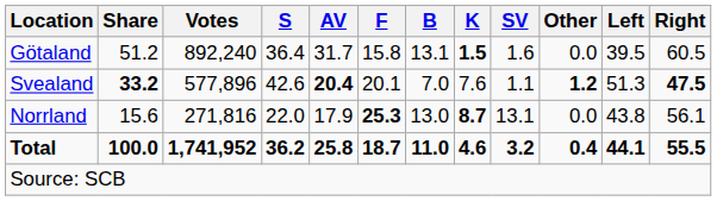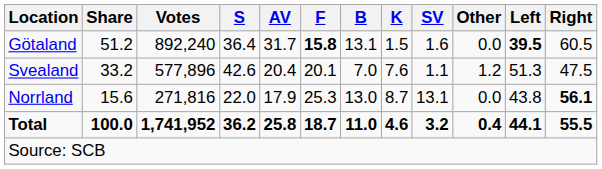 <table class="wikitable sortable" style=text-align:right>
 <tr>
 <th>Location</th>
 <th>Share</th>
 <th>Votes</th>
 <th><a href='#'>S</a></th>
 <th><a href='#'>AV</a></th>
 <th><a href='#'>F</a></th>
 <th><a href='#'>B</a></th>
 <th><a href='#'>K</a></th>
 <th><a href='#'>SV</a></th>
 <th>Other</th>
 <th>Left</th>
 <th>Right</th>
 </tr>
 <tr>
 <td align=left><a href='#'>Götaland</a></td>
 <td>51.2</td>
 <td>892,240</td>
 <td>36.4</td>
 <td>31.7</td>
-<td>15.8</td>
+<td><strong>15.8</strong></td>
 <td>13.1</td>
-<td><strong>1.5</strong></td>
+<td>1.5</td>
 <td>1.6</td>
 <td>0.0</td>
-<td>39.5</td>
+<td><strong>39.5</strong></td>
 <td>60.5</td>
 </tr>
 <tr>
 <td align=left><a href='#'>Svealand</a></td>
-<td><strong>33.2</strong></td>
+<td>33.2</td>
 <td>577,896</td>
 <td>42.6</td>
-<td><strong>20.4</strong></td>
+<td>20.4</td>
 <td>20.1</td>
 <td>7.0</td>
 <td>7.6</td>
 <td>1.1</td>
-<td><strong>1.2</strong></td>
+<td>1.2</td>
 <td>51.3</td>
-<td><strong>47.5</strong></td>
+<td>47.5</td>
 </tr>
 <tr>
 <td align=left><a href='#'>Norrland</a></td>
 <td>15.6</td>
 <td>271,816</td>
 <td>22.0</td>
 <td>17.9</td>
-<td><strong>25.3</strong></td>
+<td>25.3</td>
 <td>13.0</td>
-<td><strong>8.7</strong></td>
+<td>8.7</td>
 <td>13.1</td>
 <td>0.0</td>
 <td>43.8</td>
-<td>56.1</td>
+<td><strong>56.1</strong></td>
 </tr>
 <tr>
 <td align=left><strong>Total</strong></td>
 <td><strong>100.0</strong></td>
 <td><strong>1,741,952</strong></td>
 <td><strong>36.2</strong></td>
 <td><strong>25.8</strong></td>
 <td><strong>18.7</strong></td>
 <td><strong>11.0</strong></td>
 <td><strong>4.6</strong></td>
 <td><strong>3.2</strong></td>
 <td><strong>0.4</strong></td>
 <td><strong>44.1</strong></td>
 <td><strong>55.5</strong></td>
 </tr>
 <tr>
 <td align=left colspan=12>Source: SCB </td>
 </tr>
 </table>
